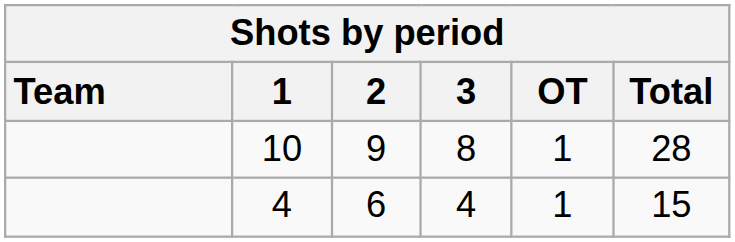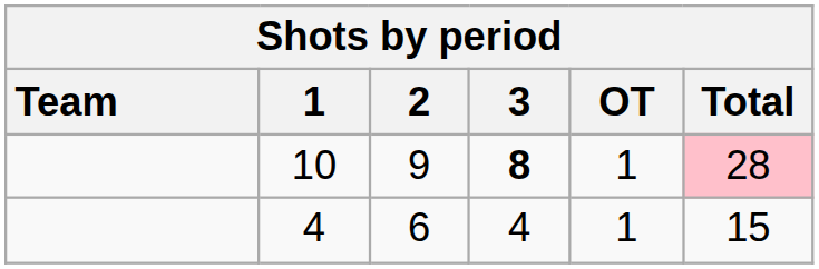 <table class="wikitable" style="width:20em; text-align:right;">
 <tr>
 <th colspan=6>Shots by period</th>
 </tr>
 <tr>
 <th style="width:8em; text-align:left;">Team</th>
 <th style="width:3em;">1</th>
 <th style="width:3em;">2</th>
 <th style="width:3em;">3</th>
 <th style="width:3em;">OT</th>
 <th style="width:3em;">Total</th>
 </tr>
 <tr>
 <td style="text-align:left;"></td>
 <td align=center>10</td>
 <td align=center>9</td>
-<td align=center>8</td>
+<td align=center><strong>8</strong></td>
 <td align=center>1</td>
-<td align=center>28</td>
+<td align=center style="background: pink;">28</td>
 </tr>
 <tr>
 <td style="text-align:left;"></td>
 <td align=center>4</td>
 <td align=center>6</td>
 <td align=center>4</td>
 <td align=center>1</td>
 <td align=center>15</td>
 </tr>
 </table>
